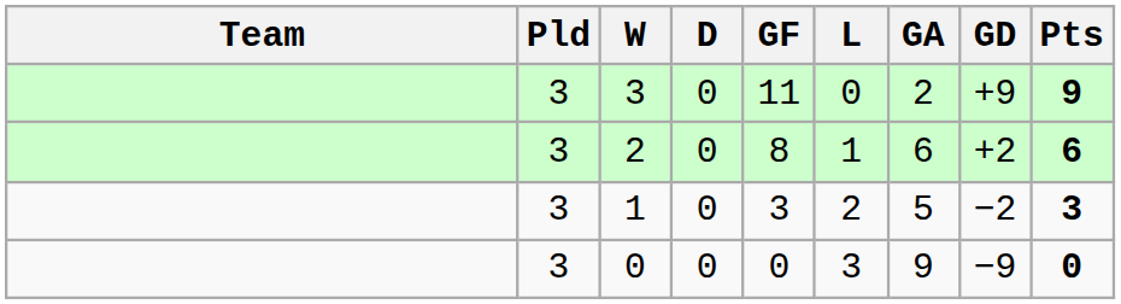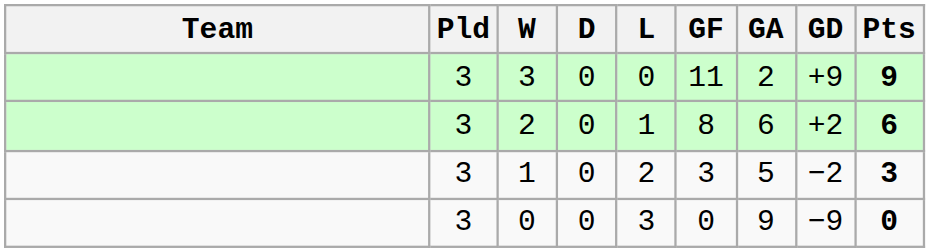 <table class="wikitable" style="text-align:center;">
 <tr>
 <th width=180>Team</th>
 <th width=20>Pld</th>
 <th width=20>W</th>
 <th width=20>D</th>
+<th width=20>L</th>
 <th width=20>GF</th>
-<th width=20>L</th>
 <th width=20>GA</th>
 <th width=20>GD</th>
 <th width=20>Pts</th>
 </tr>
 <tr bgcolor=#ccffcc>
 <td align="left"><em></em></td>
 <td>3</td>
 <td>3</td>
 <td>0</td>
+<td>0</td>
 <td>11</td>
-<td>0</td>
 <td>2</td>
 <td>+9</td>
 <td><strong>9</strong></td>
 </tr>
 <tr bgcolor=#ccffcc>
 <td align="left"></td>
 <td>3</td>
 <td>2</td>
 <td>0</td>
+<td>1</td>
 <td>8</td>
-<td>1</td>
 <td>6</td>
 <td>+2</td>
 <td><strong>6</strong></td>
 </tr>
 <tr>
 <td align="left"></td>
 <td>3</td>
 <td>1</td>
 <td>0</td>
+<td>2</td>
 <td>3</td>
-<td>2</td>
 <td>5</td>
 <td>−2</td>
 <td><strong>3</strong></td>
 </tr>
 <tr>
 <td align="left"></td>
 <td>3</td>
 <td>0</td>
 <td>0</td>
+<td>3</td>
 <td>0</td>
-<td>3</td>
 <td>9</td>
 <td>−9</td>
 <td><strong>0</strong></td>
 </tr>
 </table>
